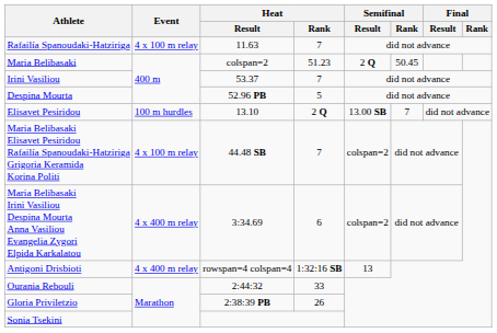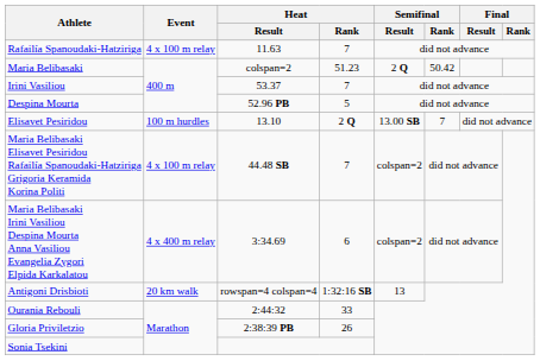 <table class="wikitable" style="font-size:90%">
 <tr>
 <th rowspan=2>Athlete</th>
 <th rowspan=2>Event</th>
 <th colspan=2>Heat</th>
 <th colspan=2>Semifinal</th>
 <th colspan=2>Final</th>
 </tr>
 <tr style="font-size:95%">
 <th>Result</th>
 <th>Rank</th>
 <th>Result</th>
 <th>Rank</th>
 <th>Result</th>
 <th>Rank</th>
 </tr>
 <tr align=center>
 <td align=left><a href='#'>Rafailía Spanoudaki-Hatziriga</a></td>
 <td style="text-align:left;"><a href='#'>4 x 100 m relay</a></td>
 <td>11.63</td>
 <td>7</td>
 <td colspan=4>did not advance</td>
 </tr>
 <tr align=center>
 <td align=left><a href='#'>Maria Belibasaki</a></td>
 <td style="text-align:left;" rowspan=3><a href='#'>400 m</a></td>
 <td>colspan=2 </td>
 <td>51.23</td>
 <td>2 <strong>Q</strong></td>
-<td>50.45 <strong></strong></td>
+<td>50.42 <strong></strong></td>
 <td></td>
 </tr>
 <tr align=center>
 <td align=left><a href='#'>Irini Vasiliou</a></td>
 <td>53.37</td>
 <td>7</td>
 <td colspan=4>did not advance</td>
 </tr>
 <tr align=center>
 <td align=left><a href='#'>Despina Mourta</a></td>
 <td>52.96 <strong>PB</strong></td>
 <td>5</td>
 <td colspan=4>did not advance</td>
 </tr>
 <tr align=center>
 <td align=left><a href='#'>Elisavet Pesiridou</a></td>
 <td style="text-align:left;"><a href='#'>100 m hurdles</a></td>
 <td>13.10</td>
 <td>2 <strong>Q</strong></td>
 <td>13.00 <strong>SB</strong></td>
 <td>7</td>
 <td colspan=2>did not advance</td>
 </tr>
 <tr align=center>
 <td align=left><a href='#'>Maria Belibasaki</a><br><a href='#'>Elisavet Pesiridou</a><br><a href='#'>Rafailía Spanoudaki-Hatziriga</a><br><a href='#'>Grigoria Keramida</a><br><a href='#'>Korina Politi</a></td>
 <td style="text-align:left;"><a href='#'>4 x 100 m relay</a></td>
 <td>44.48 <strong>SB</strong></td>
 <td>7</td>
 <td>colspan=2 </td>
 <td colspan=2>did not advance</td>
 </tr>
 <tr align=center>
 <td align=left><a href='#'>Maria Belibasaki</a><br><a href='#'>Irini Vasiliou</a><br><a href='#'>Despina Mourta</a><br><a href='#'>Anna Vasiliou</a><br><a href='#'>Evangelia Zygori</a><br><a href='#'>Elpida Karkalatou</a></td>
 <td style="text-align:left;"><a href='#'>4 x 400 m relay</a></td>
 <td>3:34.69</td>
 <td>6</td>
 <td>colspan=2 </td>
 <td colspan=2>did not advance</td>
 </tr>
 <tr align=center>
 <td align=left><a href='#'>Antigoni Drisbioti</a></td>
-<td style="text-align:left;"><a href='#'>4 x 400 m relay</a></td>
+<td align=left><a href='#'>20 km walk</a></td>
 <td>rowspan=4 colspan=4 </td>
 <td>1:32:16 <strong>SB</strong></td>
 <td>13</td>
 </tr>
 <tr align=center>
 <td align=left><a href='#'>Ourania Rebouli</a></td>
 <td style="text-align:left;" rowspan=3><a href='#'>Marathon</a></td>
 <td>2:44:32</td>
 <td>33</td>
 </tr>
 <tr align=center>
 <td align=left><a href='#'>Gloria Priviletzio</a></td>
 <td>2:38:39 <strong>PB</strong></td>
 <td>26</td>
 </tr>
 <tr align=center>
 <td align=left><a href='#'>Sonia Tsekini</a></td>
 <td colspan=2></td>
 </tr>
 </table>
